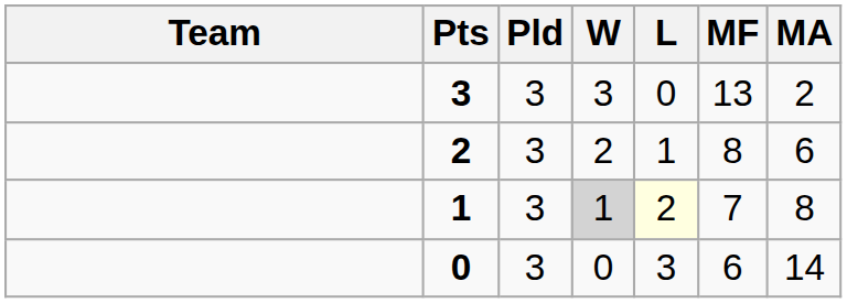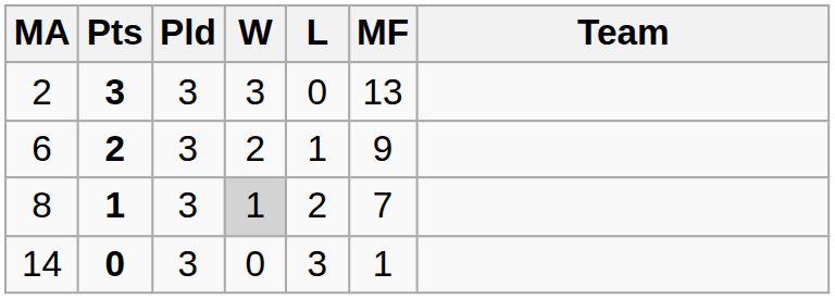 <table class=wikitable style="text-align:center">
 <tr>
-<th width=175>Team</th>
+<th width=20>MA</th>
 <th width=20>Pts</th>
 <th width=20>Pld</th>
 <th width=20>W</th>
 <th width=20>L</th>
 <th width=20>MF</th>
-<th width=20>MA</th>
+<th width=175>Team</th>
 </tr>
 <tr>
-<td style="text-align:left"></td>
+<td>2</td>
 <td><strong>3</strong></td>
 <td>3</td>
 <td>3</td>
 <td>0</td>
 <td>13</td>
-<td>2</td>
+<td style="text-align:left"></td>
 </tr>
 <tr>
-<td style="text-align:left"></td>
+<td>6</td>
 <td><strong>2</strong></td>
 <td>3</td>
 <td>2</td>
 <td>1</td>
-<td>8</td>
-<td>6</td>
+<td>9</td>
+<td style="text-align:left"></td>
 </tr>
 <tr>
-<td style="text-align:left"></td>
+<td>8</td>
 <td><strong>1</strong></td>
 <td>3</td>
 <td style="background: lightgrey;">1</td>
-<td style="background: lightyellow;">2</td>
+<td>2</td>
 <td>7</td>
-<td>8</td>
+<td style="text-align:left"></td>
 </tr>
 <tr>
-<td style="text-align:left"></td>
+<td>14</td>
 <td><strong>0</strong></td>
 <td>3</td>
 <td>0</td>
 <td>3</td>
-<td>6</td>
-<td>14</td>
+<td>1</td>
+<td style="text-align:left"></td>
 </tr>
 </table>
